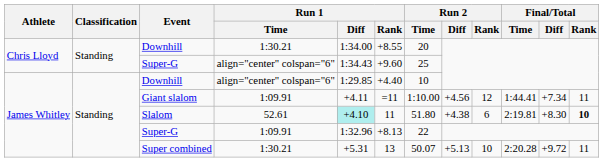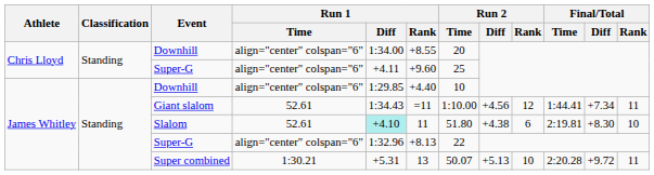 <table class="wikitable" style="font-size:100%">
 <tr>
 <th rowspan="2">Athlete</th>
 <th rowspan="2">Classification</th>
 <th rowspan="2">Event</th>
 <th colspan="3">Run 1</th>
 <th colspan="3">Run 2</th>
 <th colspan="3">Final/Total</th>
 </tr>
 <tr>
 <th>Time</th>
 <th>Diff</th>
 <th>Rank</th>
 <th>Time</th>
 <th>Diff</th>
 <th>Rank</th>
 <th>Time</th>
 <th>Diff</th>
 <th>Rank</th>
 </tr>
 <tr>
 <td rowspan=2><a href='#'>Chris Lloyd</a></td>
 <td rowspan=2>Standing</td>
 <td><a href='#'>Downhill</a></td>
-<td align="center">1:30.21</td>
+<td>align="center" colspan="6" </td>
 <td align="center">1:34.00</td>
 <td align="center">+8.55</td>
 <td align="center">20</td>
 </tr>
 <tr>
 <td><a href='#'>Super-G</a></td>
 <td>align="center" colspan="6" </td>
-<td align="center">1:34.43</td>
+<td align="center">+4.11</td>
 <td align="center">+9.60</td>
 <td align="center">25</td>
 </tr>
 <tr>
 <td rowspan=5><a href='#'>James Whitley</a></td>
 <td rowspan=5>Standing</td>
 <td><a href='#'>Downhill</a></td>
 <td>align="center" colspan="6" </td>
 <td align="center">1:29.85</td>
 <td align="center">+4.40</td>
 <td align="center">10</td>
 </tr>
 <tr>
 <td><a href='#'>Giant slalom</a></td>
-<td align="center">1:09.91</td>
-<td align="center">+4.11</td>
+<td align="center">52.61</td>
+<td align="center">1:34.43</td>
 <td align="center">=11</td>
 <td align="center">1:10.00</td>
 <td align="center">+4.56</td>
 <td align="center">12</td>
 <td align="center">1:44.41</td>
 <td align="center">+7.34</td>
 <td align="center">11</td>
 </tr>
 <tr>
 <td><a href='#'>Slalom</a></td>
 <td align="center">52.61</td>
 <td align="center" style="background: paleturquoise;">+4.10</td>
 <td align="center">11</td>
 <td align="center">51.80</td>
 <td align="center">+4.38</td>
 <td align="center">6</td>
 <td align="center">2:19.81</td>
 <td align="center">+8.30</td>
-<td align="center"><strong>10</strong></td>
+<td align="center">10</td>
 </tr>
 <tr>
 <td><a href='#'>Super-G</a></td>
-<td align="center">1:09.91</td>
+<td>align="center" colspan="6" </td>
 <td align="center">1:32.96</td>
 <td align="center">+8.13</td>
 <td align="center">22</td>
 </tr>
 <tr>
 <td><a href='#'>Super combined</a></td>
 <td align="center">1:30.21</td>
 <td align="center">+5.31</td>
 <td align="center">13</td>
 <td align="center">50.07</td>
 <td align="center">+5.13</td>
 <td align="center">10</td>
 <td align="center">2:20.28</td>
 <td align="center">+9.72</td>
 <td align="center">11</td>
 </tr>
 </table>
